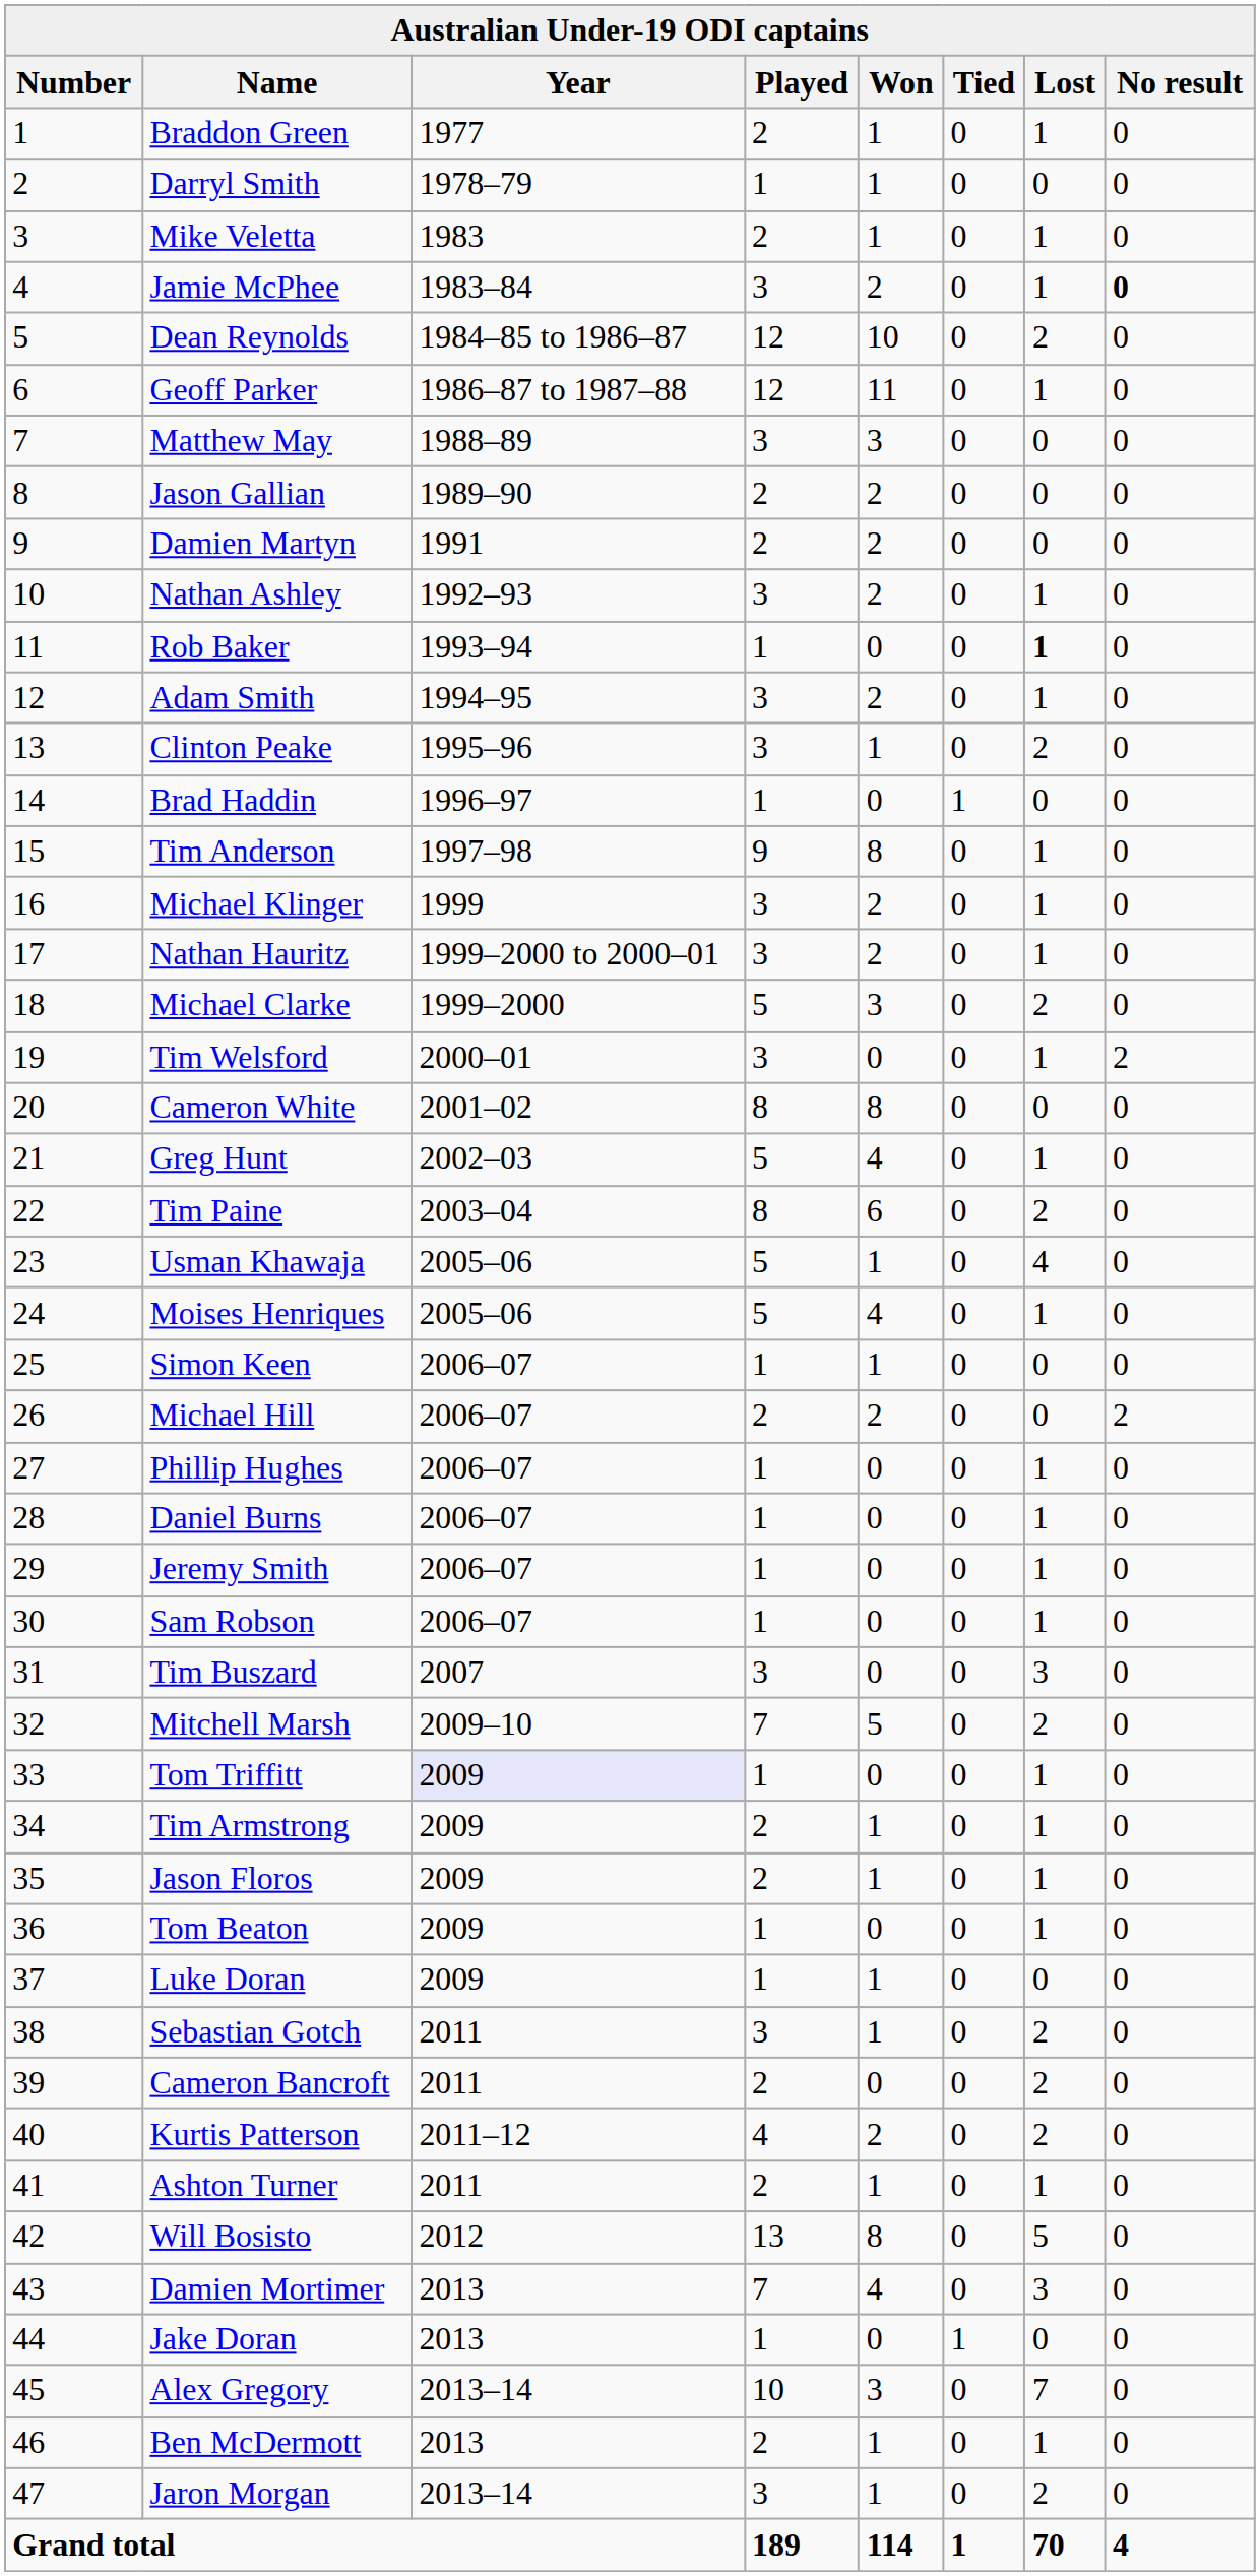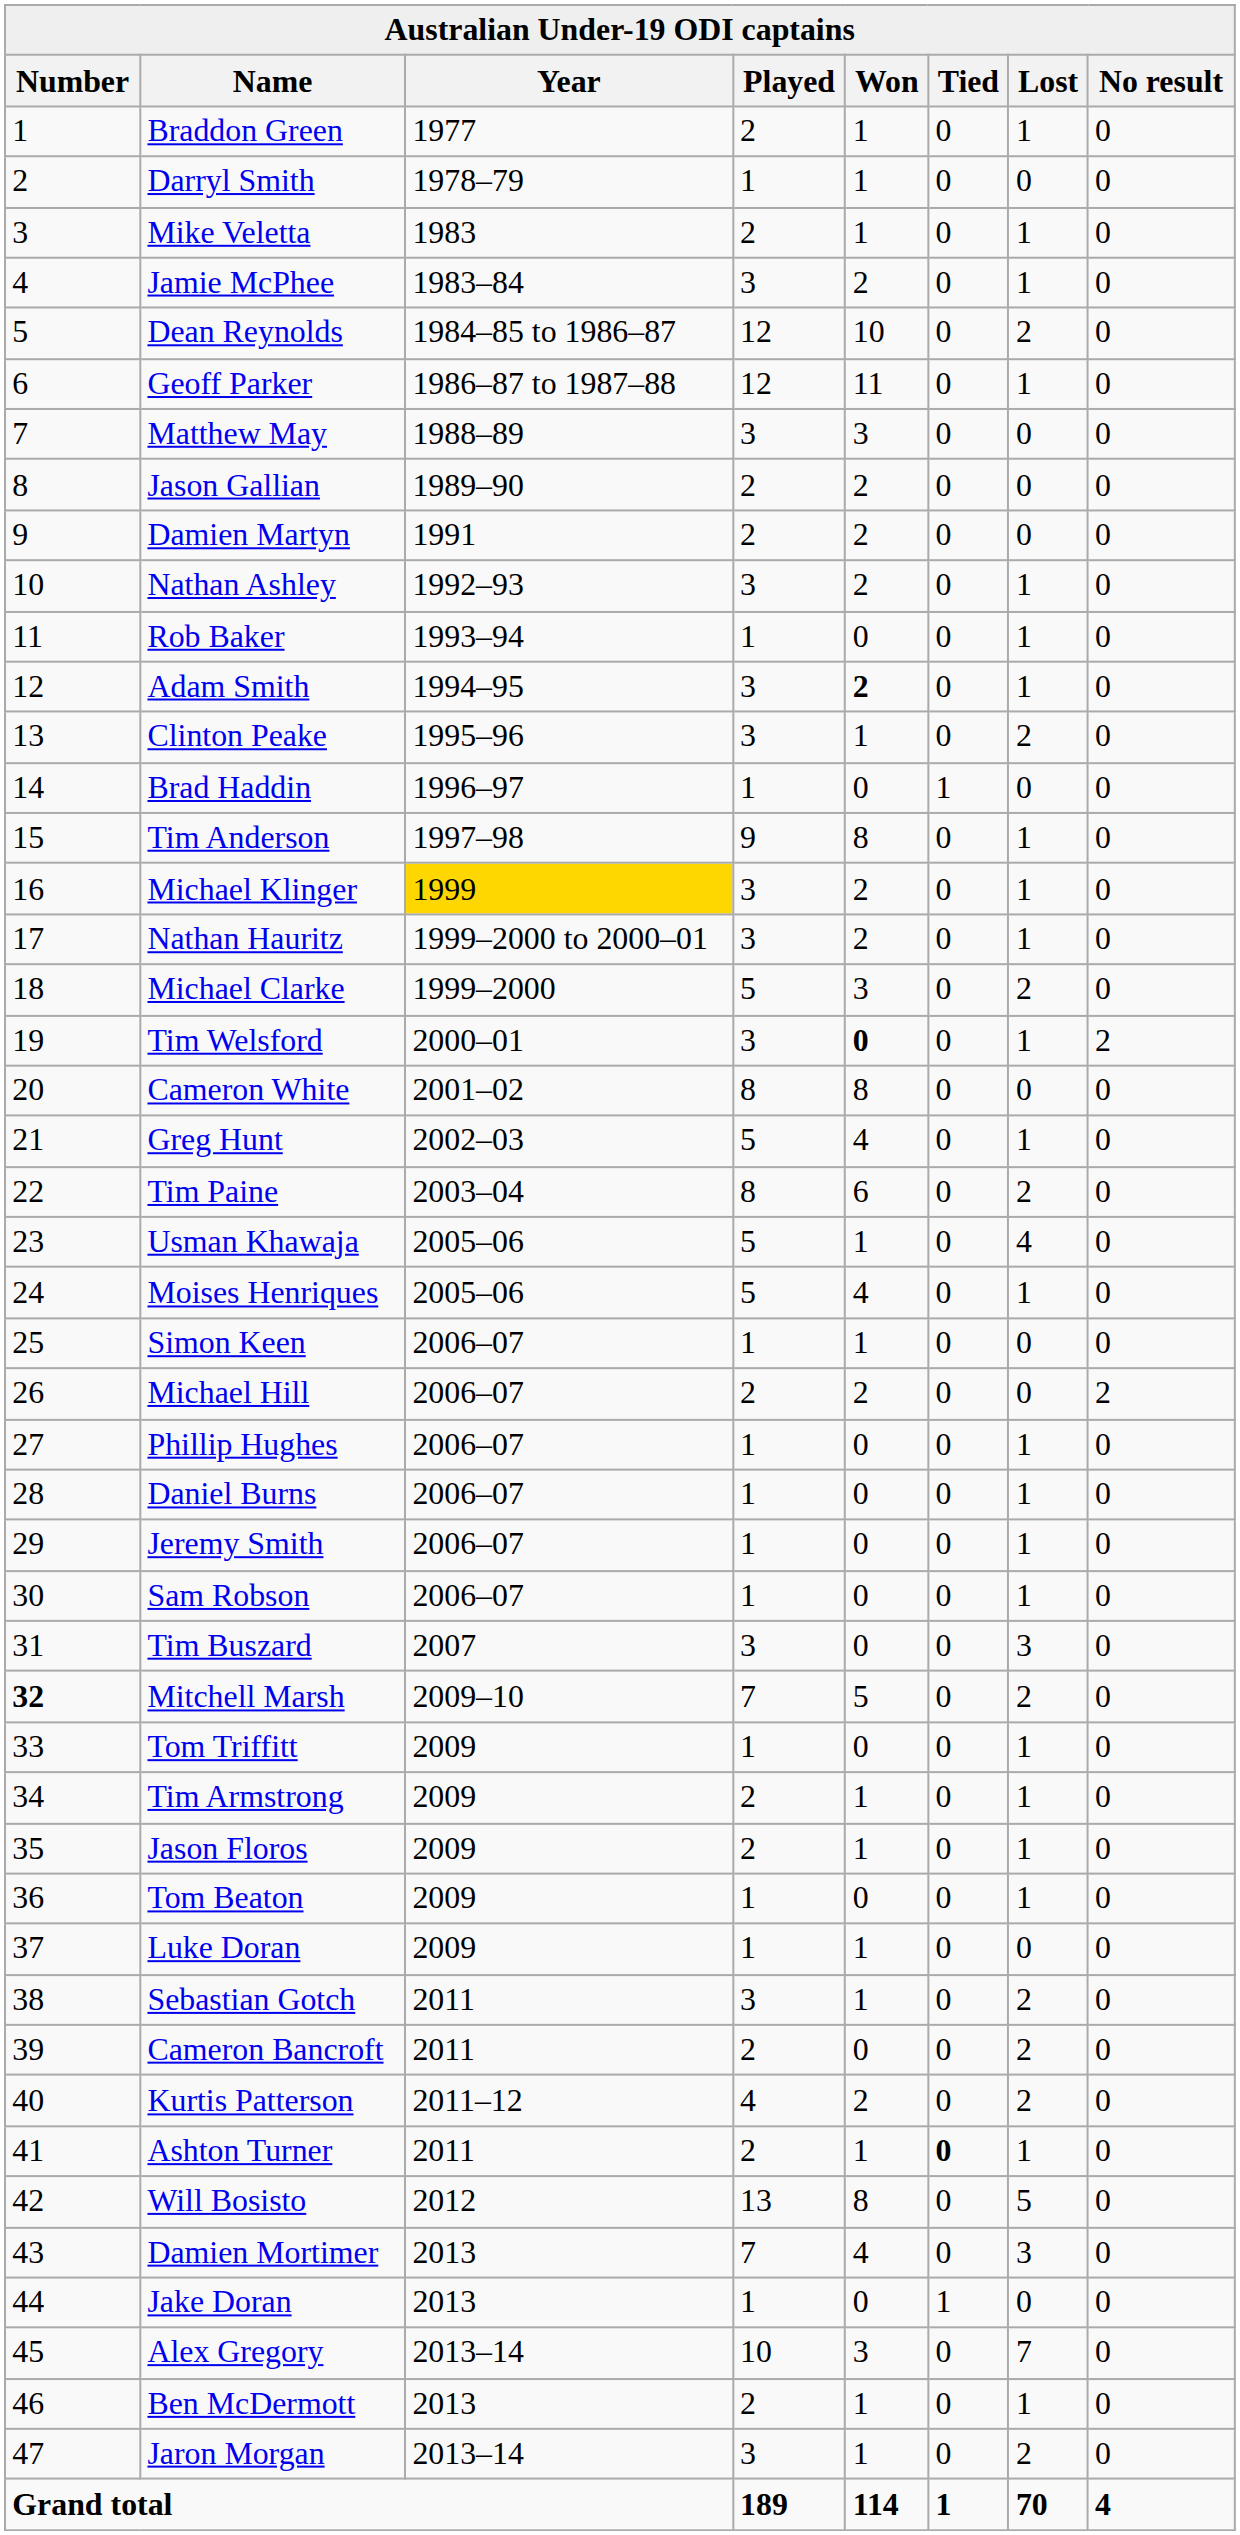 <table class="wikitable sortable" style="width:70%;">
 <tr>
 <th style="background:#efefef;" colspan="8">Australian Under-19 ODI captains</th>
 </tr>
 <tr style="background:#efefef;">
 <th>Number</th>
 <th>Name</th>
 <th>Year</th>
 <th>Played</th>
 <th>Won</th>
 <th>Tied</th>
 <th>Lost</th>
 <th>No result</th>
 </tr>
 <tr>
 <td>1</td>
 <td><a href='#'>Braddon Green</a></td>
 <td>1977</td>
 <td>2</td>
 <td>1</td>
 <td>0</td>
 <td>1</td>
 <td>0</td>
 </tr>
 <tr>
 <td>2</td>
 <td><a href='#'>Darryl Smith</a></td>
 <td>1978–79</td>
 <td>1</td>
 <td>1</td>
 <td>0</td>
 <td>0</td>
 <td>0</td>
 </tr>
 <tr>
 <td>3</td>
 <td><a href='#'>Mike Veletta</a></td>
 <td>1983</td>
 <td>2</td>
 <td>1</td>
 <td>0</td>
 <td>1</td>
 <td>0</td>
 </tr>
 <tr>
 <td>4</td>
 <td><a href='#'>Jamie McPhee</a></td>
 <td>1983–84</td>
 <td>3</td>
 <td>2</td>
 <td>0</td>
 <td>1</td>
-<td><strong>0</strong></td>
+<td>0</td>
 </tr>
 <tr>
 <td>5</td>
 <td><a href='#'>Dean Reynolds</a></td>
 <td>1984–85 to 1986–87</td>
 <td>12</td>
 <td>10</td>
 <td>0</td>
 <td>2</td>
 <td>0</td>
 </tr>
 <tr>
 <td>6</td>
 <td><a href='#'>Geoff Parker</a></td>
 <td>1986–87 to 1987–88</td>
 <td>12</td>
 <td>11</td>
 <td>0</td>
 <td>1</td>
 <td>0</td>
 </tr>
 <tr>
 <td>7</td>
 <td><a href='#'>Matthew May</a></td>
 <td>1988–89</td>
 <td>3</td>
 <td>3</td>
 <td>0</td>
 <td>0</td>
 <td>0</td>
 </tr>
 <tr>
 <td>8</td>
 <td><a href='#'>Jason Gallian</a></td>
 <td>1989–90</td>
 <td>2</td>
 <td>2</td>
 <td>0</td>
 <td>0</td>
 <td>0</td>
 </tr>
 <tr>
 <td>9</td>
 <td><a href='#'>Damien Martyn</a></td>
 <td>1991</td>
 <td>2</td>
 <td>2</td>
 <td>0</td>
 <td>0</td>
 <td>0</td>
 </tr>
 <tr>
 <td>10</td>
 <td><a href='#'>Nathan Ashley</a></td>
 <td>1992–93</td>
 <td>3</td>
 <td>2</td>
 <td>0</td>
 <td>1</td>
 <td>0</td>
 </tr>
 <tr>
 <td>11</td>
 <td><a href='#'>Rob Baker</a></td>
 <td>1993–94</td>
 <td>1</td>
 <td>0</td>
 <td>0</td>
-<td><strong>1</strong></td>
+<td>1</td>
 <td>0</td>
 </tr>
 <tr>
 <td>12</td>
 <td><a href='#'>Adam Smith</a></td>
 <td>1994–95</td>
 <td>3</td>
-<td>2</td>
+<td><strong>2</strong></td>
 <td>0</td>
 <td>1</td>
 <td>0</td>
 </tr>
 <tr>
 <td>13</td>
 <td><a href='#'>Clinton Peake</a></td>
 <td>1995–96</td>
 <td>3</td>
 <td>1</td>
 <td>0</td>
 <td>2</td>
 <td>0</td>
 </tr>
 <tr>
 <td>14</td>
 <td><a href='#'>Brad Haddin</a></td>
 <td>1996–97</td>
 <td>1</td>
 <td>0</td>
 <td>1</td>
 <td>0</td>
 <td>0</td>
 </tr>
 <tr>
 <td>15</td>
 <td><a href='#'>Tim Anderson</a></td>
 <td>1997–98</td>
 <td>9</td>
 <td>8</td>
 <td>0</td>
 <td>1</td>
 <td>0</td>
 </tr>
 <tr>
 <td>16</td>
 <td><a href='#'>Michael Klinger</a></td>
-<td>1999</td>
+<td style="background: gold;">1999</td>
 <td>3</td>
 <td>2</td>
 <td>0</td>
 <td>1</td>
 <td>0</td>
 </tr>
 <tr>
 <td>17</td>
 <td><a href='#'>Nathan Hauritz</a></td>
 <td>1999–2000 to 2000–01</td>
 <td>3</td>
 <td>2</td>
 <td>0</td>
 <td>1</td>
 <td>0</td>
 </tr>
 <tr>
 <td>18</td>
 <td><a href='#'>Michael Clarke</a></td>
 <td>1999–2000</td>
 <td>5</td>
 <td>3</td>
 <td>0</td>
 <td>2</td>
 <td>0</td>
 </tr>
 <tr>
 <td>19</td>
 <td><a href='#'>Tim Welsford</a></td>
 <td>2000–01</td>
 <td>3</td>
-<td>0</td>
+<td><strong>0</strong></td>
 <td>0</td>
 <td>1</td>
 <td>2</td>
 </tr>
 <tr>
 <td>20</td>
 <td><a href='#'>Cameron White</a></td>
 <td>2001–02</td>
 <td>8</td>
 <td>8</td>
 <td>0</td>
 <td>0</td>
 <td>0</td>
 </tr>
 <tr>
 <td>21</td>
 <td><a href='#'>Greg Hunt</a></td>
 <td>2002–03</td>
 <td>5</td>
 <td>4</td>
 <td>0</td>
 <td>1</td>
 <td>0</td>
 </tr>
 <tr>
 <td>22</td>
 <td><a href='#'>Tim Paine</a></td>
 <td>2003–04</td>
 <td>8</td>
 <td>6</td>
 <td>0</td>
 <td>2</td>
 <td>0</td>
 </tr>
 <tr>
 <td>23</td>
 <td><a href='#'>Usman Khawaja</a></td>
 <td>2005–06</td>
 <td>5</td>
 <td>1</td>
 <td>0</td>
 <td>4</td>
 <td>0</td>
 </tr>
 <tr>
 <td>24</td>
 <td><a href='#'>Moises Henriques</a></td>
 <td>2005–06</td>
 <td>5</td>
 <td>4</td>
 <td>0</td>
 <td>1</td>
 <td>0</td>
 </tr>
 <tr>
 <td>25</td>
 <td><a href='#'>Simon Keen</a></td>
 <td>2006–07</td>
 <td>1</td>
 <td>1</td>
 <td>0</td>
 <td>0</td>
 <td>0</td>
 </tr>
 <tr>
 <td>26</td>
 <td><a href='#'>Michael Hill</a></td>
 <td>2006–07</td>
 <td>2</td>
 <td>2</td>
 <td>0</td>
 <td>0</td>
 <td>2</td>
 </tr>
 <tr>
 <td>27</td>
 <td><a href='#'>Phillip Hughes</a></td>
 <td>2006–07</td>
 <td>1</td>
 <td>0</td>
 <td>0</td>
 <td>1</td>
 <td>0</td>
 </tr>
 <tr>
 <td>28</td>
 <td><a href='#'>Daniel Burns</a></td>
 <td>2006–07</td>
 <td>1</td>
 <td>0</td>
 <td>0</td>
 <td>1</td>
 <td>0</td>
 </tr>
 <tr>
 <td>29</td>
 <td><a href='#'>Jeremy Smith</a></td>
 <td>2006–07</td>
 <td>1</td>
 <td>0</td>
 <td>0</td>
 <td>1</td>
 <td>0</td>
 </tr>
 <tr>
 <td>30</td>
 <td><a href='#'>Sam Robson</a></td>
 <td>2006–07</td>
 <td>1</td>
 <td>0</td>
 <td>0</td>
 <td>1</td>
 <td>0</td>
 </tr>
 <tr>
 <td>31</td>
 <td><a href='#'>Tim Buszard</a></td>
 <td>2007</td>
 <td>3</td>
 <td>0</td>
 <td>0</td>
 <td>3</td>
 <td>0</td>
 </tr>
 <tr>
-<td>32</td>
+<td><strong>32</strong></td>
 <td><a href='#'>Mitchell Marsh</a></td>
 <td>2009–10</td>
 <td>7</td>
 <td>5</td>
 <td>0</td>
 <td>2</td>
 <td>0</td>
 </tr>
 <tr>
 <td>33</td>
 <td><a href='#'>Tom Triffitt</a></td>
-<td style="background: lavender;">2009</td>
+<td>2009</td>
 <td>1</td>
 <td>0</td>
 <td>0</td>
 <td>1</td>
 <td>0</td>
 </tr>
 <tr>
 <td>34</td>
 <td><a href='#'>Tim Armstrong</a></td>
 <td>2009</td>
 <td>2</td>
 <td>1</td>
 <td>0</td>
 <td>1</td>
 <td>0</td>
 </tr>
 <tr>
 <td>35</td>
 <td><a href='#'>Jason Floros</a></td>
 <td>2009</td>
 <td>2</td>
 <td>1</td>
 <td>0</td>
 <td>1</td>
 <td>0</td>
 </tr>
 <tr>
 <td>36</td>
 <td><a href='#'>Tom Beaton</a></td>
 <td>2009</td>
 <td>1</td>
 <td>0</td>
 <td>0</td>
 <td>1</td>
 <td>0</td>
 </tr>
 <tr>
 <td>37</td>
 <td><a href='#'>Luke Doran</a></td>
 <td>2009</td>
 <td>1</td>
 <td>1</td>
 <td>0</td>
 <td>0</td>
 <td>0</td>
 </tr>
 <tr>
 <td>38</td>
 <td><a href='#'>Sebastian Gotch</a></td>
 <td>2011</td>
 <td>3</td>
 <td>1</td>
 <td>0</td>
 <td>2</td>
 <td>0</td>
 </tr>
 <tr>
 <td>39</td>
 <td><a href='#'>Cameron Bancroft</a></td>
 <td>2011</td>
 <td>2</td>
 <td>0</td>
 <td>0</td>
 <td>2</td>
 <td>0</td>
 </tr>
 <tr>
 <td>40</td>
 <td><a href='#'>Kurtis Patterson</a></td>
 <td>2011–12</td>
 <td>4</td>
 <td>2</td>
 <td>0</td>
 <td>2</td>
 <td>0</td>
 </tr>
 <tr>
 <td>41</td>
 <td><a href='#'>Ashton Turner</a></td>
 <td>2011</td>
 <td>2</td>
 <td>1</td>
-<td>0</td>
+<td><strong>0</strong></td>
 <td>1</td>
 <td>0</td>
 </tr>
 <tr>
 <td>42</td>
 <td><a href='#'>Will Bosisto</a></td>
 <td>2012</td>
 <td>13</td>
 <td>8</td>
 <td>0</td>
 <td>5</td>
 <td>0</td>
 </tr>
 <tr>
 <td>43</td>
 <td><a href='#'>Damien Mortimer</a></td>
 <td>2013</td>
 <td>7</td>
 <td>4</td>
 <td>0</td>
 <td>3</td>
 <td>0</td>
 </tr>
 <tr>
 <td>44</td>
 <td><a href='#'>Jake Doran</a></td>
 <td>2013</td>
 <td>1</td>
 <td>0</td>
 <td>1</td>
 <td>0</td>
 <td>0</td>
 </tr>
 <tr>
 <td>45</td>
 <td><a href='#'>Alex Gregory</a></td>
 <td>2013–14</td>
 <td>10</td>
 <td>3</td>
 <td>0</td>
 <td>7</td>
 <td>0</td>
 </tr>
 <tr>
 <td>46</td>
 <td><a href='#'>Ben McDermott</a></td>
 <td>2013</td>
 <td>2</td>
 <td>1</td>
 <td>0</td>
 <td>1</td>
 <td>0</td>
 </tr>
 <tr>
 <td>47</td>
 <td><a href='#'>Jaron Morgan</a></td>
 <td>2013–14</td>
 <td>3</td>
 <td>1</td>
 <td>0</td>
 <td>2</td>
 <td>0</td>
 </tr>
 <tr>
 <td colspan=3><strong>Grand total</strong></td>
 <td><strong>189</strong></td>
 <td><strong>114</strong></td>
 <td><strong>1</strong></td>
 <td><strong>70</strong></td>
 <td><strong>4</strong></td>
 </tr>
 </table>
